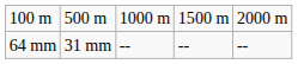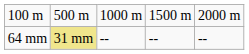 <table class="wikitable">
 <tr>
 <td>100 m</td>
 <td>500 m</td>
 <td>1000 m</td>
 <td>1500 m</td>
 <td>2000 m</td>
 </tr>
 <tr>
 <td>64 mm</td>
-<td>31 mm</td>
+<td style="background: khaki;">31 mm</td>
 <td>--</td>
 <td>--</td>
 <td>--</td>
 </tr>
 </table>
